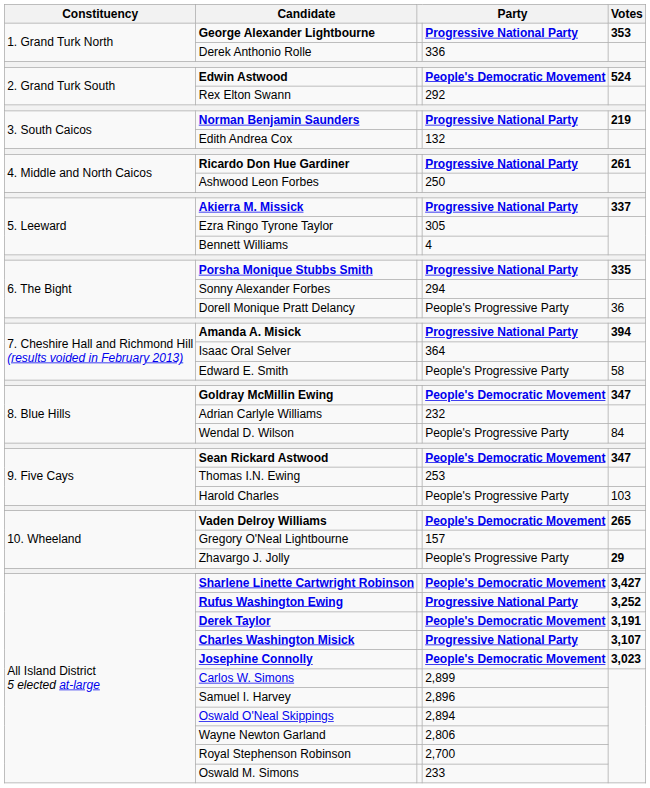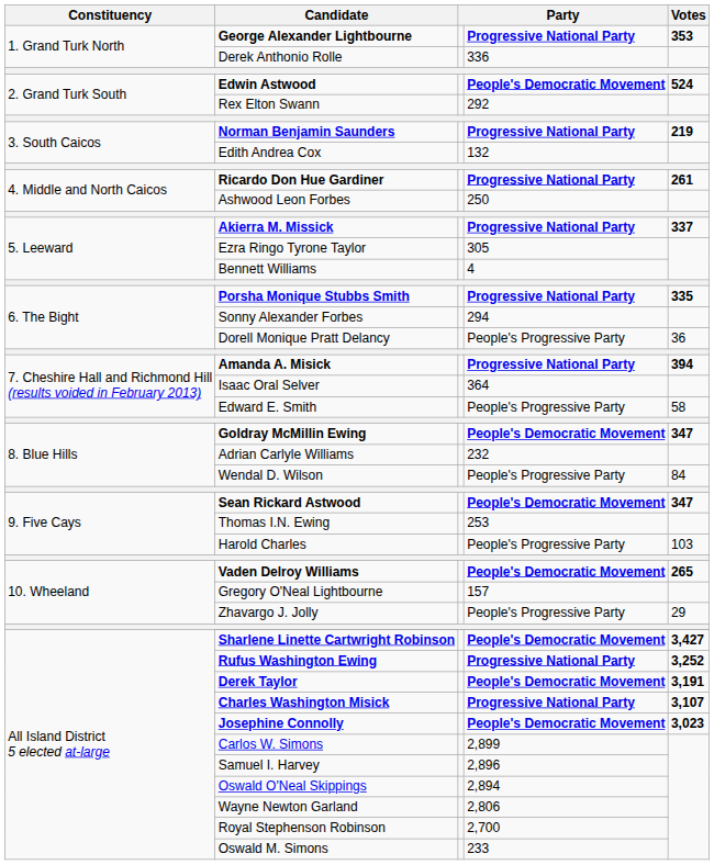 <table class=wikitable>
 <tr>
 <th>Constituency</th>
 <th>Candidate</th>
 <th colspan=2>Party</th>
 <th>Votes</th>
 </tr>
 <tr>
 <td rowspan=2>1. Grand Turk North</td>
 <td><strong>George Alexander Lightbourne</strong></td>
 <td bgcolor=></td>
 <td><strong><a href='#'>Progressive National Party</a></strong></td>
 <td><strong>353</strong></td>
 </tr>
 <tr>
 <td>Derek Anthonio Rolle</td>
 <td></td>
 <td>336</td>
 </tr>
 <tr>
 <th colspan=5></th>
 </tr>
 <tr>
 <td rowspan=2>2. Grand Turk South</td>
 <td><strong>Edwin Astwood</strong></td>
 <td bgcolor=></td>
 <td><strong><a href='#'>People's Democratic Movement</a></strong></td>
 <td><strong>524</strong></td>
 </tr>
 <tr>
 <td>Rex Elton Swann</td>
 <td></td>
 <td>292</td>
 </tr>
 <tr>
 <th colspan=5></th>
 </tr>
 <tr>
 <td rowspan=2>3. South Caicos</td>
 <td><strong><a href='#'>Norman Benjamin Saunders</a></strong></td>
 <td bgcolor=></td>
 <td><strong><a href='#'>Progressive National Party</a></strong></td>
 <td><strong>219</strong></td>
 </tr>
 <tr>
 <td>Edith Andrea Cox</td>
 <td></td>
 <td>132</td>
 </tr>
 <tr>
 <th colspan=5></th>
 </tr>
 <tr>
 <td rowspan=2>4. Middle and North Caicos</td>
 <td><strong>Ricardo Don Hue Gardiner</strong></td>
 <td bgcolor=></td>
 <td><strong><a href='#'>Progressive National Party</a></strong></td>
 <td><strong>261</strong></td>
 </tr>
 <tr>
 <td>Ashwood Leon Forbes</td>
 <td></td>
 <td>250</td>
 </tr>
 <tr>
 <th colspan=5></th>
 </tr>
 <tr>
 <td rowspan=3>5. Leeward</td>
 <td><strong><a href='#'>Akierra M. Missick</a></strong></td>
 <td bgcolor=></td>
 <td><strong><a href='#'>Progressive National Party</a></strong></td>
 <td><strong>337</strong></td>
 </tr>
 <tr>
 <td>Ezra Ringo Tyrone Taylor</td>
 <td></td>
 <td>305</td>
 </tr>
 <tr>
 <td>Bennett Williams</td>
 <td></td>
 <td>4</td>
 </tr>
 <tr>
 <th colspan=5></th>
 </tr>
 <tr>
 <td rowspan=3>6. The Bight</td>
 <td><strong><a href='#'>Porsha Monique Stubbs Smith</a></strong></td>
 <td bgcolor=></td>
 <td><strong><a href='#'>Progressive National Party</a></strong></td>
 <td><strong>335</strong></td>
 </tr>
 <tr>
 <td>Sonny Alexander Forbes</td>
 <td></td>
 <td>294</td>
 </tr>
 <tr>
 <td>Dorell Monique Pratt Delancy</td>
 <td></td>
 <td>People's Progressive Party</td>
 <td>36</td>
 </tr>
 <tr>
 <th colspan=5></th>
 </tr>
 <tr>
 <td rowspan=3>7. Cheshire Hall and Richmond Hill<br><em><a href='#'>(results voided in February 2013)</a></em></td>
 <td><strong>Amanda A. Misick</strong></td>
 <td bgcolor=></td>
 <td><strong><a href='#'>Progressive National Party</a></strong></td>
 <td><strong>394</strong></td>
 </tr>
 <tr>
 <td>Isaac Oral Selver</td>
 <td></td>
 <td>364</td>
 </tr>
 <tr>
 <td>Edward E. Smith</td>
 <td></td>
 <td>People's Progressive Party</td>
 <td>58</td>
 </tr>
 <tr>
 <th colspan=5></th>
 </tr>
 <tr>
 <td rowspan=3>8. Blue Hills</td>
 <td><strong>Goldray McMillin Ewing</strong></td>
 <td bgcolor=></td>
 <td><strong><a href='#'>People's Democratic Movement</a></strong></td>
 <td><strong>347</strong></td>
 </tr>
 <tr>
 <td>Adrian Carlyle Williams</td>
 <td></td>
 <td>232</td>
 </tr>
 <tr>
 <td>Wendal D. Wilson</td>
 <td></td>
 <td>People's Progressive Party</td>
 <td>84</td>
 </tr>
 <tr>
 <th colspan=5></th>
 </tr>
 <tr>
 <td rowspan=3>9. Five Cays</td>
 <td><strong>Sean Rickard Astwood</strong></td>
 <td bgcolor=></td>
 <td><strong><a href='#'>People's Democratic Movement</a></strong></td>
 <td><strong>347</strong></td>
 </tr>
 <tr>
 <td>Thomas I.N. Ewing</td>
 <td></td>
 <td>253</td>
 </tr>
 <tr>
 <td>Harold Charles</td>
 <td></td>
 <td>People's Progressive Party</td>
 <td>103</td>
 </tr>
 <tr>
 <th colspan=5></th>
 </tr>
 <tr>
 <td rowspan=3>10. Wheeland</td>
 <td><strong>Vaden Delroy Williams</strong></td>
 <td bgcolor=></td>
 <td><strong><a href='#'>People's Democratic Movement</a></strong></td>
 <td><strong>265</strong></td>
 </tr>
 <tr>
 <td>Gregory O'Neal Lightbourne</td>
 <td></td>
 <td>157</td>
 </tr>
 <tr>
 <td>Zhavargo J. Jolly</td>
 <td></td>
 <td>People's Progressive Party</td>
-<td><strong>29</strong></td>
+<td>29</td>
 </tr>
 <tr>
 <th colspan=5></th>
 </tr>
 <tr>
 <td rowspan=12>All Island District<br><em>5 elected <a href='#'>at-large</a></em></td>
 </tr>
 <tr>
 <td><strong><a href='#'>Sharlene Linette Cartwright Robinson</a></strong></td>
 <td bgcolor=></td>
 <td><strong><a href='#'>People's Democratic Movement</a></strong></td>
 <td><strong>3,427</strong></td>
 </tr>
 <tr>
 <td><strong><a href='#'>Rufus Washington Ewing</a></strong></td>
 <td bgcolor=></td>
 <td><strong><a href='#'>Progressive National Party</a></strong></td>
 <td><strong>3,252</strong></td>
 </tr>
 <tr>
 <td><strong><a href='#'>Derek Taylor</a></strong></td>
 <td bgcolor=></td>
 <td><strong><a href='#'>People's Democratic Movement</a></strong></td>
 <td><strong>3,191</strong></td>
 </tr>
 <tr>
 <td><strong><a href='#'>Charles Washington Misick</a></strong></td>
 <td bgcolor=></td>
 <td><strong><a href='#'>Progressive National Party</a></strong></td>
 <td><strong>3,107</strong></td>
 </tr>
 <tr>
 <td><strong><a href='#'>Josephine Connolly</a></strong></td>
 <td bgcolor=></td>
 <td><strong><a href='#'>People's Democratic Movement</a></strong></td>
 <td><strong>3,023</strong></td>
 </tr>
 <tr>
 <td><a href='#'>Carlos W. Simons</a></td>
 <td></td>
 <td>2,899</td>
 </tr>
 <tr>
 <td>Samuel I. Harvey</td>
 <td></td>
 <td>2,896</td>
 </tr>
 <tr>
 <td><a href='#'>Oswald O'Neal Skippings</a></td>
 <td></td>
 <td>2,894</td>
 </tr>
 <tr>
 <td>Wayne Newton Garland</td>
 <td></td>
 <td>2,806</td>
 </tr>
 <tr>
 <td>Royal Stephenson Robinson</td>
 <td></td>
 <td>2,700</td>
 </tr>
 <tr>
 <td>Oswald M. Simons</td>
 <td></td>
 <td>233</td>
 </tr>
 </table>
